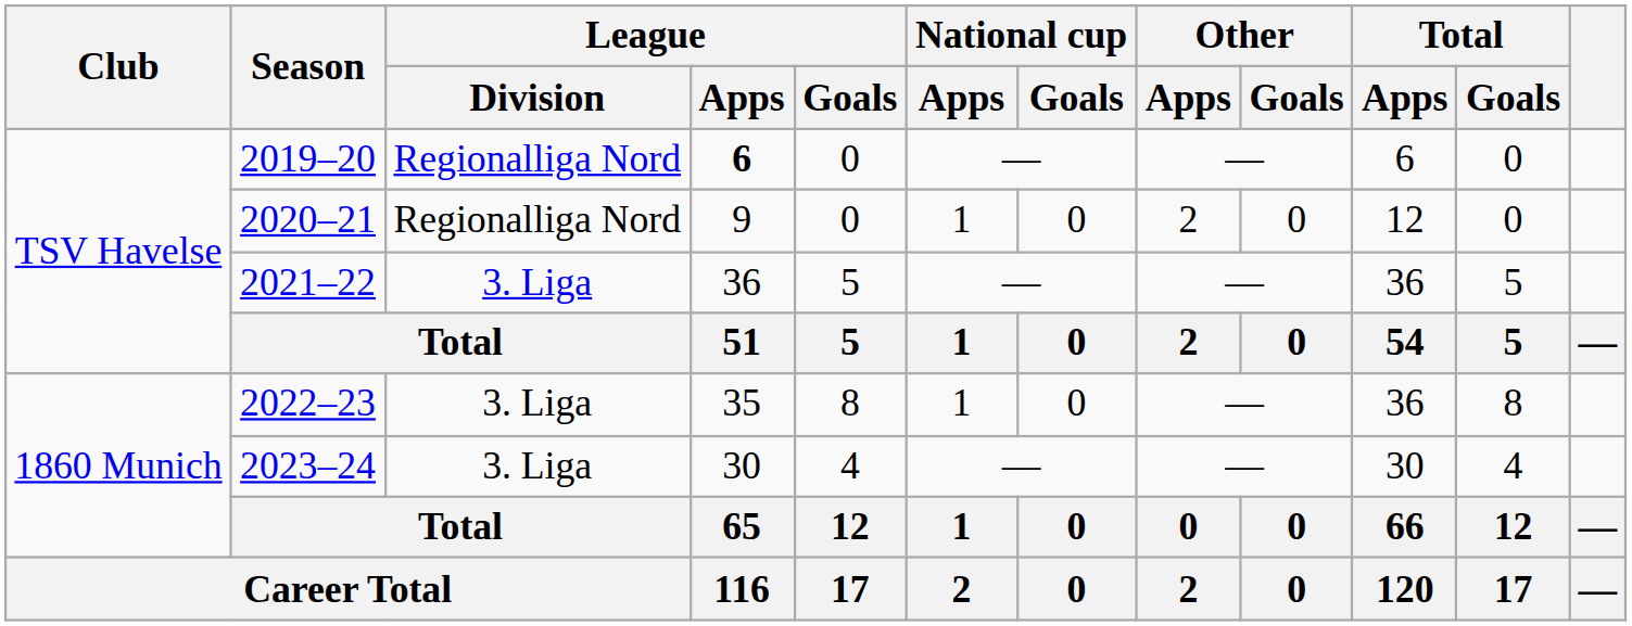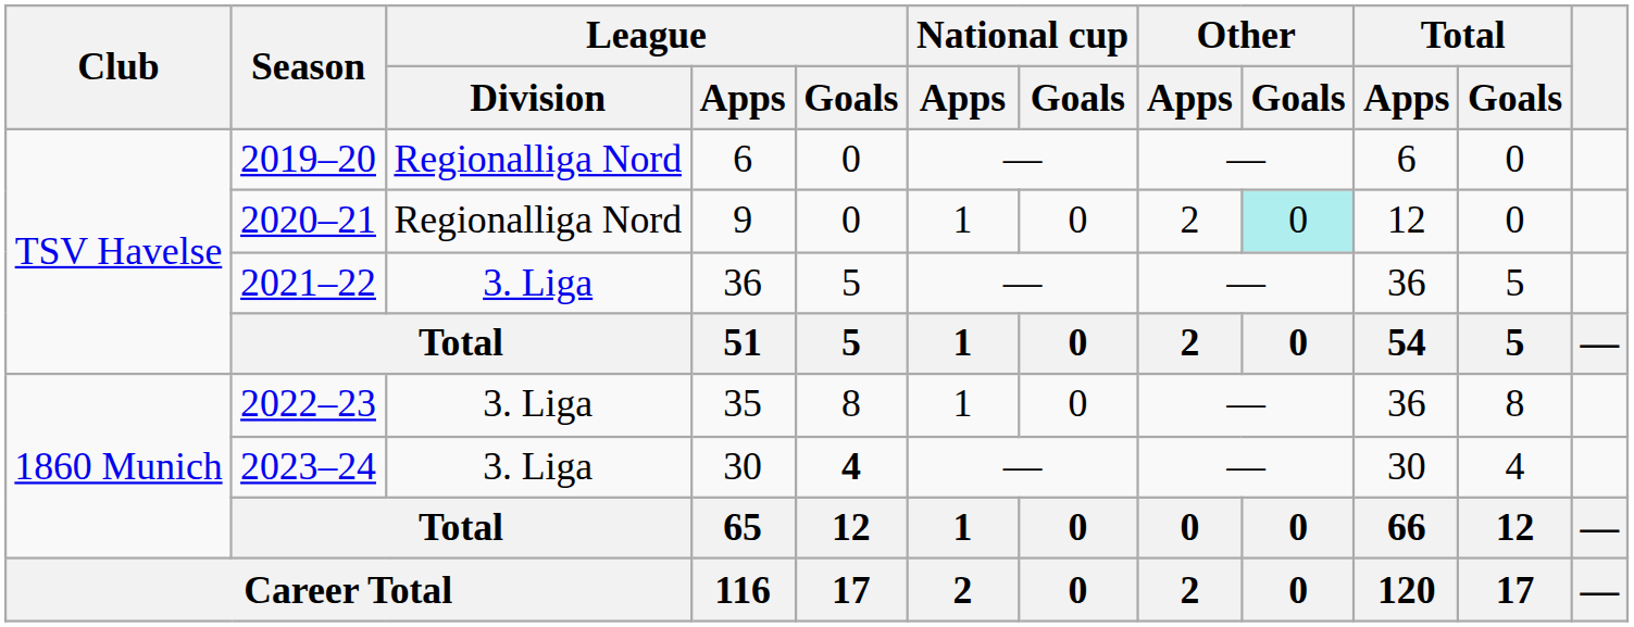 <table class="wikitable" Style="text-align: center">
 <tr>
 <th rowspan="2">Club</th>
 <th rowspan="2">Season</th>
 <th colspan="3">League</th>
 <th colspan="2">National cup</th>
 <th colspan="2">Other</th>
 <th colspan="2">Total</th>
 <th rowspan="2"></th>
 </tr>
 <tr>
 <th>Division</th>
 <th>Apps</th>
 <th>Goals</th>
 <th>Apps</th>
 <th>Goals</th>
 <th>Apps</th>
 <th>Goals</th>
 <th>Apps</th>
 <th>Goals</th>
 </tr>
 <tr>
 <td rowspan="4"><a href='#'>TSV Havelse</a></td>
 <td><a href='#'>2019–20</a></td>
 <td><a href='#'>Regionalliga Nord</a></td>
-<td><strong>6</strong></td>
+<td>6</td>
 <td>0</td>
 <td colspan="2">—</td>
 <td colspan="2">—</td>
 <td>6</td>
 <td>0</td>
 <td></td>
 </tr>
 <tr>
 <td><a href='#'>2020–21</a></td>
 <td>Regionalliga Nord</td>
 <td>9</td>
 <td>0</td>
 <td>1</td>
 <td>0</td>
 <td>2</td>
-<td>0</td>
+<td style="background: paleturquoise;">0</td>
 <td>12</td>
 <td>0</td>
 <td></td>
 </tr>
 <tr>
 <td><a href='#'>2021–22</a></td>
 <td><a href='#'>3. Liga</a></td>
 <td>36</td>
 <td>5</td>
 <td colspan="2">—</td>
 <td colspan="2">—</td>
 <td>36</td>
 <td>5</td>
 <td></td>
 </tr>
 <tr>
 <th colspan="2">Total</th>
 <th>51</th>
 <th>5</th>
 <th>1</th>
 <th>0</th>
 <th>2</th>
 <th>0</th>
 <th>54</th>
 <th>5</th>
 <th>—</th>
 </tr>
 <tr>
 <td rowspan="3"><a href='#'>1860 Munich</a></td>
 <td><a href='#'>2022–23</a></td>
 <td>3. Liga</td>
 <td>35</td>
 <td>8</td>
 <td>1</td>
 <td>0</td>
 <td colspan="2">—</td>
 <td>36</td>
 <td>8</td>
 <td></td>
 </tr>
 <tr>
 <td><a href='#'>2023–24</a></td>
 <td>3. Liga</td>
 <td>30</td>
-<td>4</td>
+<td><strong>4</strong></td>
 <td colspan="2">—</td>
 <td colspan="2">—</td>
 <td>30</td>
 <td>4</td>
 <td></td>
 </tr>
 <tr>
 <th colspan="2">Total</th>
 <th>65</th>
 <th>12</th>
 <th>1</th>
 <th>0</th>
 <th>0</th>
 <th>0</th>
 <th>66</th>
 <th>12</th>
 <th>—</th>
 </tr>
 <tr>
 <th colspan="3">Career Total</th>
 <th>116</th>
 <th>17</th>
 <th>2</th>
 <th>0</th>
 <th>2</th>
 <th>0</th>
 <th>120</th>
 <th>17</th>
 <th>—</th>
 </tr>
 </table>
